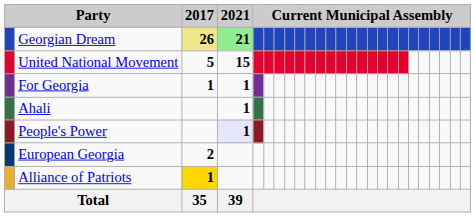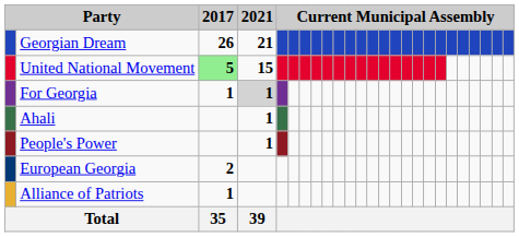 <table class="wikitable">
 <tr>
 <th style="background:#ccc" colspan="2">Party</th>
 <th style="background:#ccc">2017</th>
 <th style="background:#ccc">2021</th>
 <th colspan="43" style="background:#ccc">Current Municipal Assembly</th>
 </tr>
 <tr>
 <td style="background-color: #2044BC"> </td>
 <td><a href='#'>Georgian Dream</a></td>
-<td style="background: khaki; text-align: right"><strong>26</strong></td>
-<td style="background: lightgreen; text-align: right"><strong>21</strong></td>
+<td style="text-align: right"><strong>26</strong></td>
+<td style="text-align: right"><strong>21</strong></td>
 <td style="background-color: #2044BC"></td>
 <td style="background-color: #2044BC"> </td>
 <td style="background-color: #2044BC"> </td>
 <td style="background-color: #2044BC"> </td>
 <td style="background-color: #2044BC"> </td>
 <td style="background-color: #2044BC"> </td>
 <td style="background-color: #2044BC"> </td>
 <td style="background-color: #2044BC"> </td>
 <td style="background-color: #2044BC"> </td>
 <td style="background-color: #2044BC"> </td>
 <td style="background-color: #2044BC"> </td>
 <td style="background-color: #2044BC"> </td>
 <td style="background-color: #2044BC"> </td>
 <td style="background-color: #2044BC"> </td>
 <td style="background-color: #2044BC"> </td>
 <td style="background-color: #2044BC"> </td>
 <td style="background-color: #2044BC"> </td>
 <td style="background-color: #2044BC"> </td>
 <td style="background-color: #2044BC"> </td>
 <td style="background-color: #2044BC"> </td>
 <td style="background-color: #2044BC"> </td>
 </tr>
 <tr>
 <td style="background-color: #e4012e"> </td>
 <td><a href='#'>United National Movement</a></td>
-<td style="text-align: right"><strong>5</strong></td>
+<td style="background: lightgreen; text-align: right"><strong>5</strong></td>
 <td style="text-align: right"><strong>15</strong></td>
 <td style="background-color: #e4012e"> </td>
 <td style="background-color: #e4012e"> </td>
 <td style="background-color: #e4012e"> </td>
 <td style="background-color: #e4012e"> </td>
 <td style="background-color: #e4012e"> </td>
 <td style="background-color: #e4012e"> </td>
 <td style="background-color: #e4012e"> </td>
 <td style="background-color: #e4012e"> </td>
 <td style="background-color: #e4012e"> </td>
 <td style="background-color: #e4012e"> </td>
 <td style="background-color: #e4012e"> </td>
 <td style="background-color: #e4012e"> </td>
 <td style="background-color: #e4012e"> </td>
 <td style="background-color: #e4012e"> </td>
 <td style="background-color: #e4012e"> </td>
 <td></td>
 <td></td>
 <td></td>
 <td></td>
 <td></td>
 <td></td>
 </tr>
 <tr>
 <td style="background-color: #702F92"> </td>
 <td><a href='#'>For Georgia</a></td>
 <td style="text-align: right"><strong>1</strong></td>
-<td style="text-align: right"><strong>1</strong></td>
+<td style="background: lightgrey; text-align: right"><strong>1</strong></td>
 <td style="background-color: #702F92"> </td>
 <td></td>
 <td></td>
 <td></td>
 <td></td>
 <td></td>
 <td></td>
 <td></td>
 <td></td>
 <td></td>
 <td></td>
 <td></td>
 <td></td>
 <td></td>
 <td></td>
 <td></td>
 <td></td>
 <td></td>
 <td></td>
 <td></td>
 <td></td>
 </tr>
 <tr>
 <td style="background-color: #377149"> </td>
 <td><a href='#'>Ahali</a></td>
 <td></td>
 <td style="text-align: right"><strong>1</strong></td>
 <td style="background-color: #377149"> </td>
 <td></td>
 <td></td>
 <td></td>
 <td></td>
 <td></td>
 <td></td>
 <td></td>
 <td></td>
 <td></td>
 <td></td>
 <td></td>
 <td></td>
 <td></td>
 <td></td>
 <td></td>
 <td></td>
 <td></td>
 <td></td>
 <td></td>
 <td></td>
 </tr>
 <tr>
 <td style="background-color: #8e1922"> </td>
 <td><a href='#'>People's Power</a></td>
 <td></td>
-<td style="background: lavender; text-align: right"><strong>1</strong></td>
+<td style="text-align: right"><strong>1</strong></td>
 <td style="background-color: #8e1922"> </td>
 <td></td>
 <td></td>
 <td></td>
 <td></td>
 <td></td>
 <td></td>
 <td></td>
 <td></td>
 <td></td>
 <td></td>
 <td></td>
 <td></td>
 <td></td>
 <td></td>
 <td></td>
 <td></td>
 <td></td>
 <td></td>
 <td></td>
 <td></td>
 </tr>
 <tr>
 <td style="background-color: #003876"> </td>
 <td><a href='#'>European Georgia</a></td>
 <td style="text-align: right"><strong>2</strong></td>
 <td></td>
 <td></td>
 <td></td>
 <td></td>
 <td></td>
 <td></td>
 <td></td>
 <td></td>
 <td></td>
 <td></td>
 <td></td>
 <td></td>
 <td></td>
 <td></td>
 <td></td>
 <td></td>
 <td></td>
 <td></td>
 <td></td>
 <td></td>
 <td></td>
 <td></td>
 </tr>
 <tr>
 <td style="background-color: #e7b031"> </td>
 <td><a href='#'>Alliance of Patriots</a></td>
-<td style="background: gold; text-align: right"><strong>1</strong></td>
+<td style="text-align: right"><strong>1</strong></td>
 <td></td>
 <td></td>
 <td></td>
 <td></td>
 <td></td>
 <td></td>
 <td></td>
 <td></td>
 <td></td>
 <td></td>
 <td></td>
 <td></td>
 <td></td>
 <td></td>
 <td></td>
 <td></td>
 <td></td>
 <td></td>
 <td></td>
 <td></td>
 <td></td>
 <td></td>
 </tr>
 <tr>
 <th colspan=2>Total</th>
 <th align=right>35</th>
 <th align=right>39</th>
 <th colspan="43"> </th>
 </tr>
 </table>
